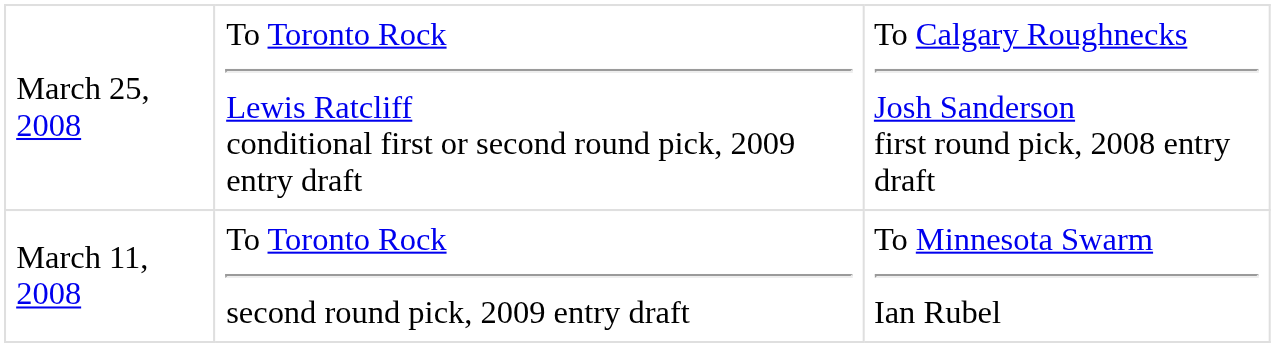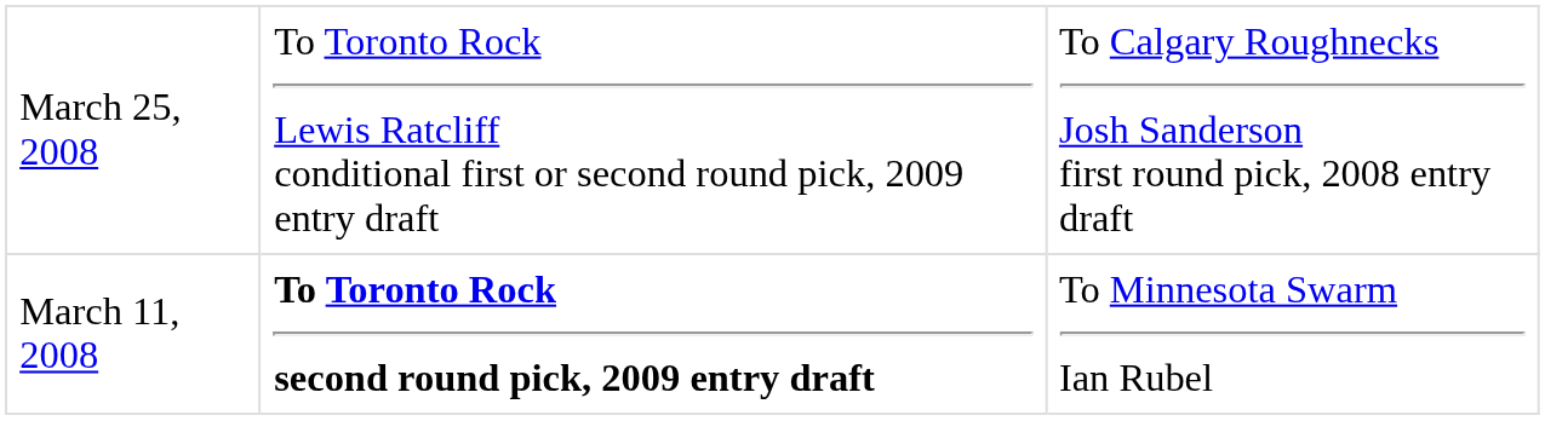 <table border=1 style="border-collapse:collapse" bordercolor="#DFDFDF"  cellpadding="5">
 <tr>
 <td>March 25, <a href='#'>2008</a><br></td>
 <td valign="top">To <a href='#'>Toronto Rock</a> <hr><a href='#'>Lewis Ratcliff</a><br>conditional first or second round pick, 2009 entry draft</td>
 <td valign="top">To <a href='#'>Calgary Roughnecks</a> <hr> <a href='#'>Josh Sanderson</a><br>first round pick, 2008 entry draft</td>
 </tr>
 <tr>
 <td>March 11, <a href='#'>2008</a><br></td>
-<td valign="top">To <a href='#'>Toronto Rock</a> <hr>second round pick, 2009 entry draft</td>
+<td valign="top"><strong>To <a href='#'>Toronto Rock</a> <hr>second round pick, 2009 entry draft</strong></td>
 <td valign="top">To <a href='#'>Minnesota Swarm</a> <hr> Ian Rubel</td>
 </tr>
 </table>
